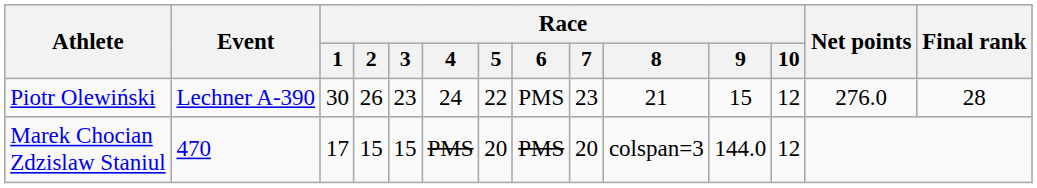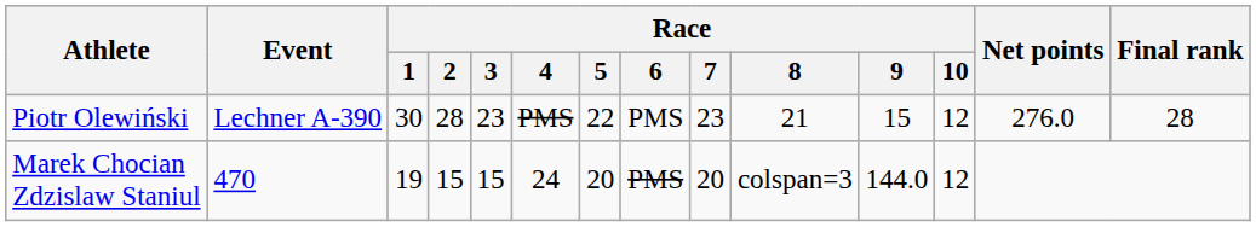 <table class="wikitable" style="font-size:90%">
 <tr>
 <th rowspan="2">Athlete</th>
 <th rowspan="2">Event</th>
 <th colspan=10>Race</th>
 <th rowspan=2>Net points</th>
 <th rowspan=2>Final rank</th>
 </tr>
 <tr style="font-size:95%">
 <th>1</th>
 <th>2</th>
 <th>3</th>
 <th>4</th>
 <th>5</th>
 <th>6</th>
 <th>7</th>
 <th>8</th>
 <th>9</th>
 <th>10</th>
 </tr>
 <tr align=center>
 <td align=left><a href='#'>Piotr Olewiński</a></td>
 <td align=left><a href='#'>Lechner A-390</a></td>
 <td>30</td>
-<td>26</td>
+<td>28</td>
 <td>23</td>
-<td>24</td>
+<td><s>PMS</s></td>
 <td>22</td>
 <td>PMS</td>
 <td>23</td>
 <td>21</td>
 <td>15</td>
 <td>12</td>
 <td>276.0</td>
 <td>28</td>
 </tr>
 <tr align=center>
 <td align=left><a href='#'>Marek Chocian</a><br><a href='#'>Zdzislaw Staniul</a></td>
 <td align=left><a href='#'>470</a></td>
-<td>17</td>
+<td>19</td>
 <td>15</td>
 <td>15</td>
-<td><s>PMS</s></td>
+<td>24</td>
 <td>20</td>
 <td><s>PMS</s></td>
 <td>20</td>
 <td>colspan=3 </td>
 <td>144.0</td>
 <td>12</td>
 </tr>
 </table>
